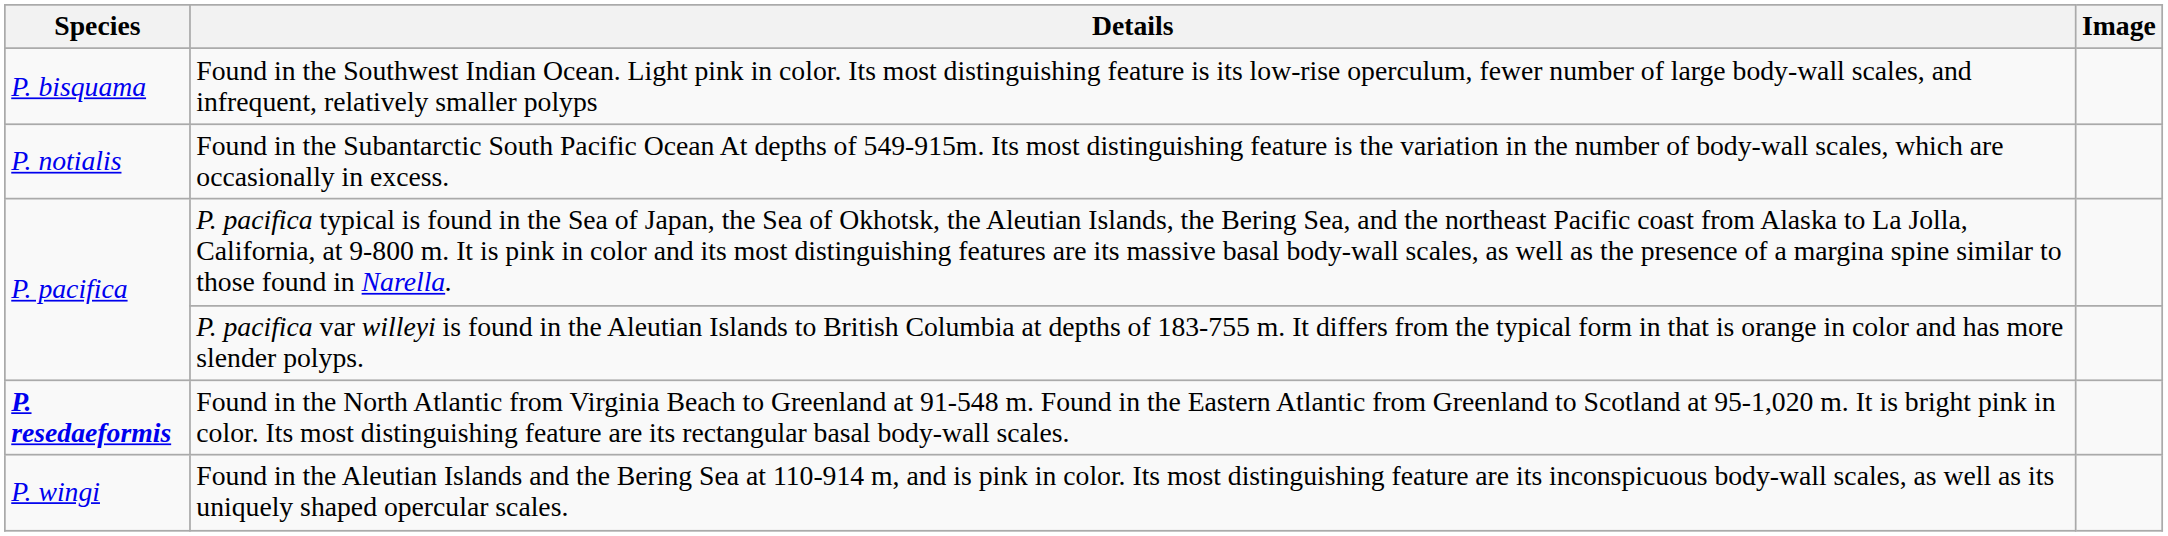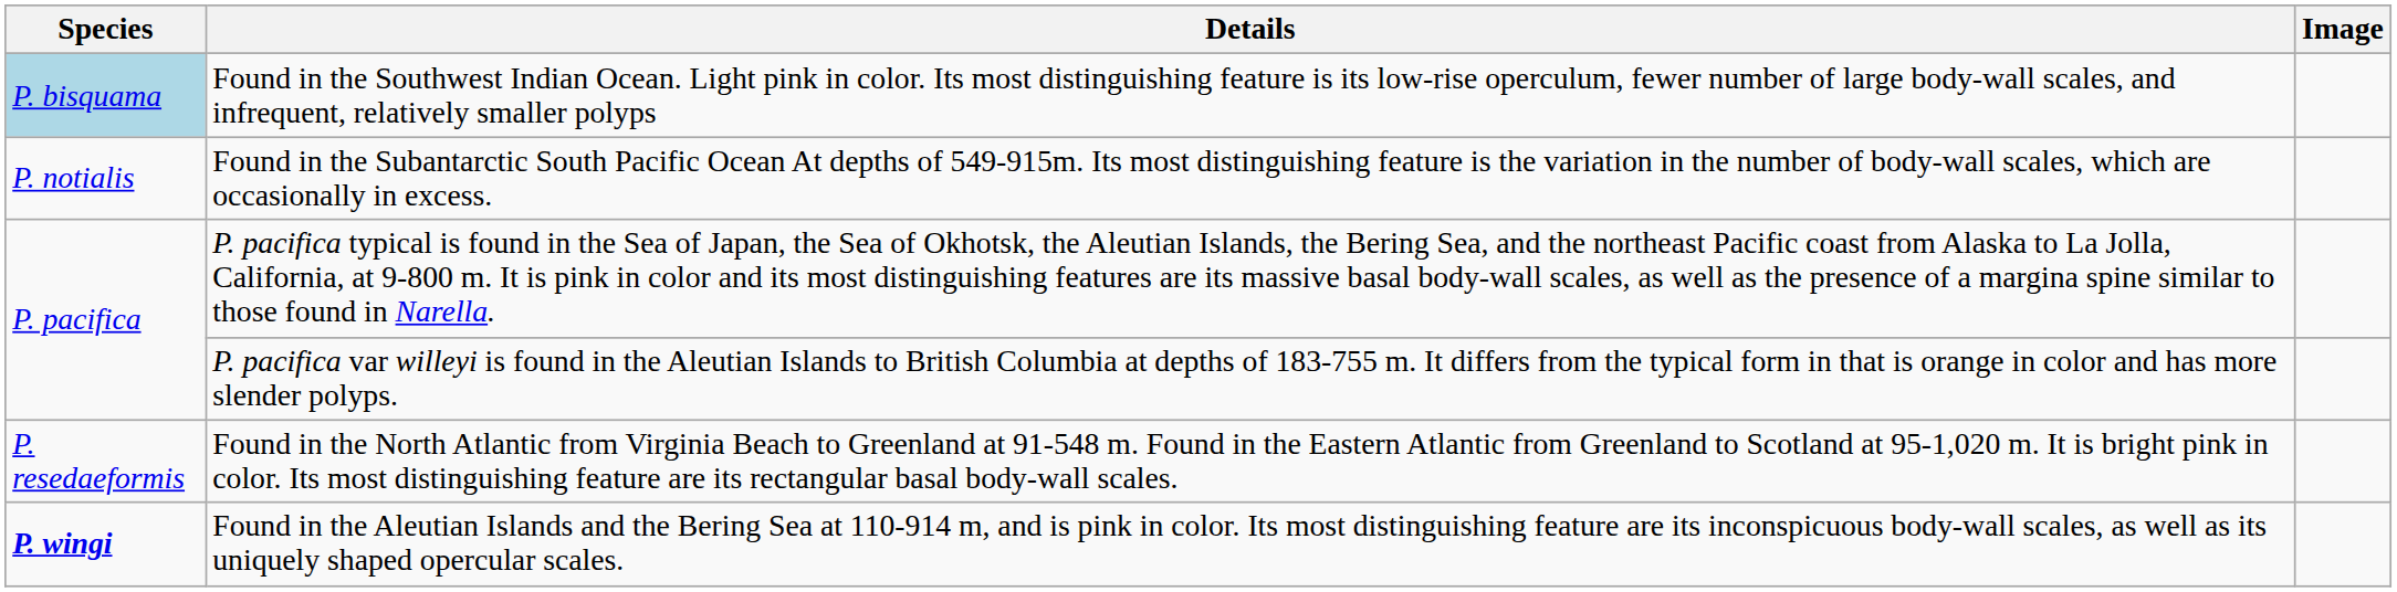 <table class="wikitable mw-collapsible">
 <tr>
 <th>Species</th>
 <th>Details</th>
 <th>Image</th>
 </tr>
 <tr>
-<td><em><a href='#'>P. bisquama</a></em> </td>
+<td style="background: lightblue;"><em><a href='#'>P. bisquama</a></em> </td>
 <td>Found in the Southwest Indian Ocean. Light pink in color. Its most distinguishing feature is its low-rise operculum, fewer number of large body-wall scales, and infrequent, relatively smaller polyps</td>
 <td></td>
 </tr>
 <tr>
 <td><em><a href='#'>P. notialis</a></em> </td>
 <td>Found in the Subantarctic South Pacific Ocean At depths of 549-915m. Its most distinguishing feature is the variation in the number of body-wall scales, which are occasionally in excess.</td>
 <td></td>
 </tr>
 <tr>
 <td rowspan="2"><em><a href='#'>P. pacifica</a></em> </td>
 <td><em>P. pacifica</em> typical is found in the Sea of Japan, the Sea of Okhotsk, the Aleutian Islands, the Bering Sea, and the northeast Pacific coast from Alaska to La Jolla, California, at 9-800 m. It is pink in color and its most distinguishing features are its massive basal body-wall scales, as well as the presence of a margina spine similar to those found in <em><a href='#'>Narella</a>.</em></td>
 <td></td>
 </tr>
 <tr>
 <td><em>P. pacifica</em> var <em>willeyi</em> is found in the Aleutian Islands to British Columbia at depths of 183-755 m. It differs from the typical form in that is orange in color and has more slender polyps.</td>
 <td></td>
 </tr>
 <tr>
-<td><strong><em><a href='#'>P. resedaeformis</a></em> </strong></td>
+<td><em><a href='#'>P. resedaeformis</a></em> </td>
 <td>Found in the North Atlantic from Virginia Beach to Greenland at 91-548 m. Found in the Eastern Atlantic from Greenland to Scotland at 95-1,020 m. It is bright pink in color. Its most distinguishing feature are its rectangular basal body-wall scales.</td>
 <td></td>
 </tr>
 <tr>
-<td><em><a href='#'>P. wingi</a></em> </td>
+<td><strong><em><a href='#'>P. wingi</a></em> </strong></td>
 <td>Found in the Aleutian Islands and the Bering Sea at 110-914 m, and is pink in color. Its most distinguishing feature are its inconspicuous body-wall scales, as well as its uniquely shaped opercular scales.</td>
 <td></td>
 </tr>
 </table>
